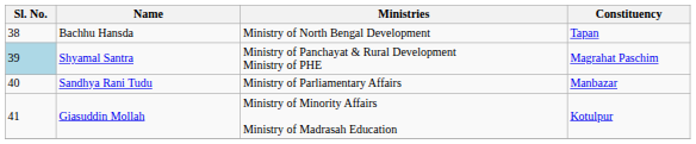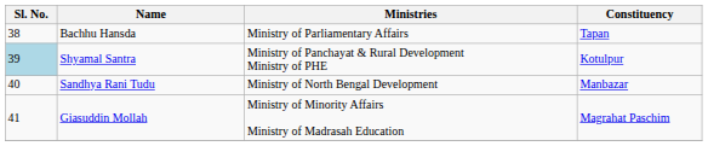 <table class="wikitable" style="width:58em; align:left">
 <tr>
 <th style="width:5%;">Sl. No.</th>
 <th style="width:18%;">Name</th>
 <th style="width:32%;">Ministries</th>
 <th style="width:12%;">Constituency</th>
 </tr>
 <tr>
 <td>38</td>
 <td>Bachhu Hansda</td>
-<td>Ministry of North Bengal Development</td>
+<td>Ministry of Parliamentary Affairs</td>
 <td><a href='#'>Tapan</a></td>
 </tr>
 <tr>
 <td style="background: lightblue;">39</td>
 <td><a href='#'>Shyamal Santra</a></td>
 <td>Ministry of Panchayat & Rural Development<br>Ministry of PHE</td>
-<td><a href='#'>Magrahat Paschim</a></td>
+<td><a href='#'>Kotulpur</a></td>
 </tr>
 <tr>
 <td>40</td>
 <td><a href='#'>Sandhya Rani Tudu</a></td>
-<td>Ministry of Parliamentary Affairs</td>
+<td>Ministry of North Bengal Development</td>
 <td><a href='#'>Manbazar</a></td>
 </tr>
 <tr>
 <td>41</td>
 <td><a href='#'>Giasuddin Mollah</a></td>
 <td>Ministry of Minority Affairs<br><br>Ministry of Madrasah Education</td>
-<td><a href='#'>Kotulpur</a></td>
+<td><a href='#'>Magrahat Paschim</a></td>
 </tr>
 <tr>
 </tr>
 </table>
